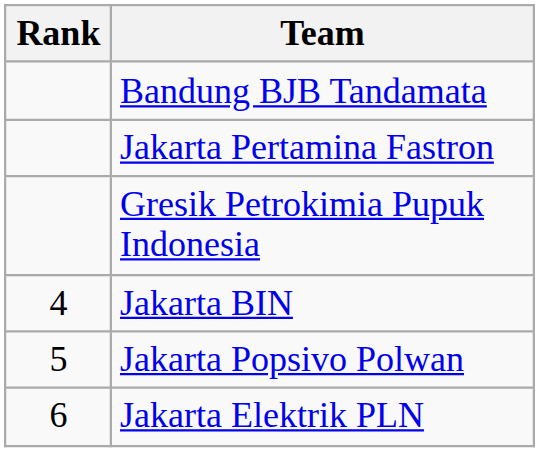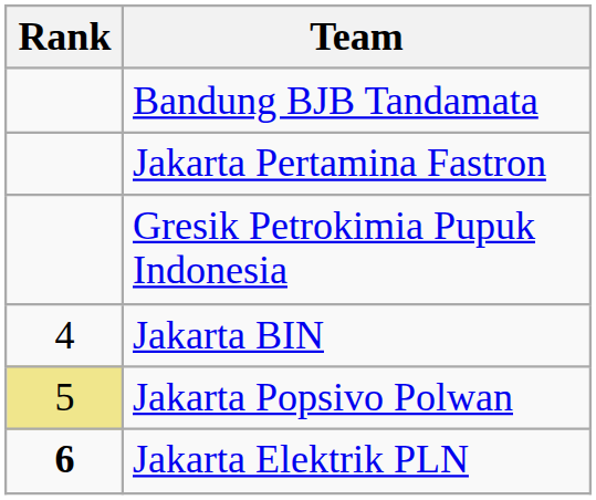 <table class="wikitable" style="text-align:center">
 <tr>
 <th width=40>Rank</th>
 <th width=180>Team</th>
 </tr>
 <tr>
 <td></td>
 <td style="text-align:left"><a href='#'>Bandung BJB Tandamata</a></td>
 </tr>
 <tr>
 <td></td>
 <td style="text-align:left"><a href='#'>Jakarta Pertamina Fastron</a></td>
 </tr>
 <tr>
 <td></td>
 <td style="text-align:left"><a href='#'>Gresik Petrokimia Pupuk Indonesia</a></td>
 </tr>
 <tr>
 <td>4</td>
 <td style="text-align:left"><a href='#'>Jakarta BIN</a></td>
 </tr>
 <tr>
-<td>5</td>
+<td style="background: khaki;">5</td>
 <td style="text-align:left"><a href='#'>Jakarta Popsivo Polwan</a></td>
 </tr>
 <tr>
-<td>6</td>
+<td><strong>6</strong></td>
 <td style="text-align:left"><a href='#'>Jakarta Elektrik PLN</a></td>
 </tr>
 </table>
